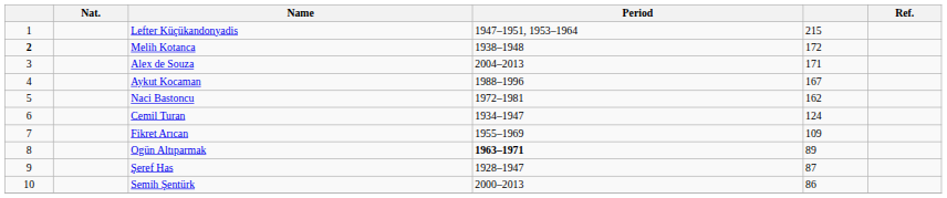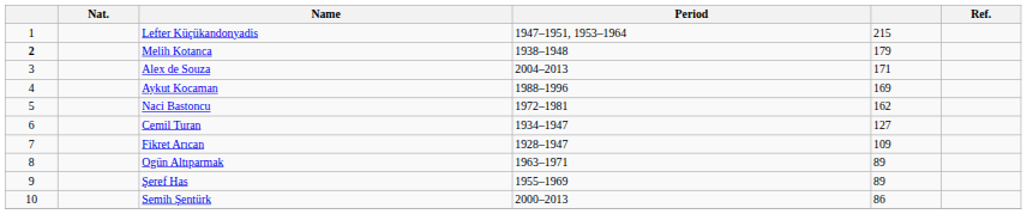 <table class="wikitable sortable" style="text-align:left; width:70%;">
 <tr>
 <th></th>
 <th>Nat.</th>
 <th>Name</th>
 <th>Period</th>
 <th></th>
 <th>Ref.</th>
 </tr>
 <tr bgcolor=>
 <td style="text-align:center">1</td>
 <td style="text-align:center"></td>
 <td><a href='#'>Lefter Küçükandonyadis</a></td>
 <td>1947–1951, 1953–1964</td>
 <td>215</td>
 <td></td>
 </tr>
 <tr bgcolor=>
 <td style="text-align:center"><strong>2</strong></td>
 <td style="text-align:center"></td>
 <td><a href='#'>Melih Kotanca</a></td>
 <td>1938–1948</td>
-<td>172</td>
+<td>179</td>
 <td></td>
 </tr>
 <tr bgcolor=>
 <td style="text-align:center">3</td>
 <td style="text-align:center"></td>
 <td><a href='#'>Alex de Souza</a></td>
 <td>2004–2013</td>
 <td>171</td>
 <td></td>
 </tr>
 <tr bgcolor=>
 <td style="text-align:center">4</td>
 <td style="text-align:center"></td>
 <td><a href='#'>Aykut Kocaman</a></td>
 <td>1988–1996</td>
-<td>167</td>
+<td>169</td>
 <td></td>
 </tr>
 <tr bgcolor=>
 <td style="text-align:center">5</td>
 <td style="text-align:center"></td>
 <td><a href='#'>Naci Bastoncu</a></td>
 <td>1972–1981</td>
 <td>162</td>
 <td></td>
 </tr>
 <tr bgcolor=>
 <td style="text-align:center">6</td>
 <td style="text-align:center"></td>
 <td><a href='#'>Cemil Turan</a></td>
 <td>1934–1947</td>
-<td>124</td>
+<td>127</td>
 <td></td>
 </tr>
 <tr bgcolor=>
 <td style="text-align:center">7</td>
 <td style="text-align:center"></td>
 <td><a href='#'>Fikret Arıcan</a></td>
-<td>1955–1969</td>
+<td>1928–1947</td>
 <td>109</td>
 <td></td>
 </tr>
 <tr bgcolor=>
 <td style="text-align:center">8</td>
 <td style="text-align:center"></td>
 <td><a href='#'>Ogün Altıparmak</a></td>
-<td><strong>1963–1971</strong></td>
+<td>1963–1971</td>
 <td>89</td>
 <td></td>
 </tr>
 <tr bgcolor=>
 <td style="text-align:center">9</td>
 <td style="text-align:center"></td>
 <td><a href='#'>Şeref Has</a></td>
-<td>1928–1947</td>
-<td>87</td>
+<td>1955–1969</td>
+<td>89</td>
 <td></td>
 </tr>
 <tr bgcolor=>
 <td style="text-align:center">10</td>
 <td style="text-align:center"></td>
 <td><a href='#'>Semih Şentürk</a></td>
 <td>2000–2013</td>
 <td>86</td>
 <td></td>
 </tr>
 <tr bgcolor=>
 </tr>
 </table>
